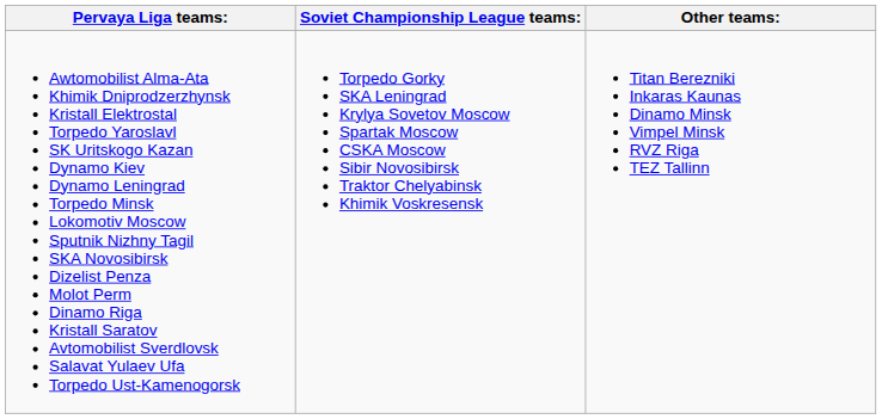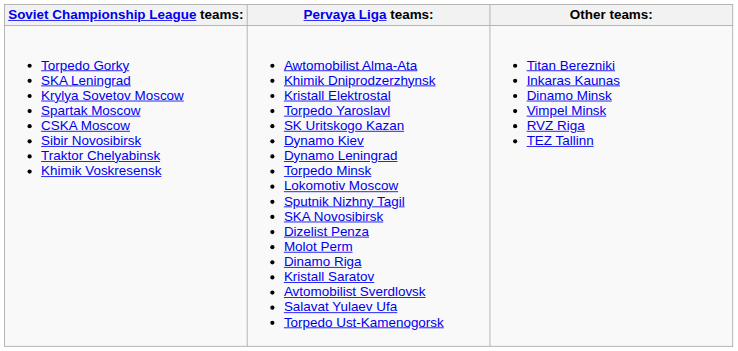 <table class="wikitable">
 <tr valign="top" bgcolor="#e0e0e0">
+<th align="center" width="33%"><a href='#'>Soviet Championship League</a> teams:</th>
 <th align="center" width="33%"><a href='#'>Pervaya Liga</a> teams:</th>
-<th align="center" width="33%"><a href='#'>Soviet Championship League</a> teams:</th>
 <th align="center" width="33%">Other teams:</th>
 </tr>
 <tr valign="top">
+<td><br><ul><li><a href='#'>Torpedo Gorky</a></li><li><a href='#'>SKA Leningrad</a></li><li><a href='#'>Krylya Sovetov Moscow</a></li><li><a href='#'>Spartak Moscow</a></li><li><a href='#'>CSKA Moscow</a></li><li><a href='#'>Sibir Novosibirsk</a></li><li><a href='#'>Traktor Chelyabinsk</a></li><li><a href='#'>Khimik Voskresensk</a></li></ul></td>
 <td><br><ul><li><a href='#'>Awtomobilist Alma-Ata</a></li><li><a href='#'>Khimik Dniprodzerzhynsk</a></li><li><a href='#'>Kristall Elektrostal</a></li><li><a href='#'>Torpedo Yaroslavl</a></li><li><a href='#'>SK Uritskogo Kazan</a></li><li><a href='#'>Dynamo Kiev</a></li><li><a href='#'>Dynamo Leningrad</a></li><li><a href='#'>Torpedo Minsk</a></li><li><a href='#'>Lokomotiv Moscow</a></li><li><a href='#'>Sputnik Nizhny Tagil</a></li><li><a href='#'>SKA Novosibirsk</a></li><li><a href='#'>Dizelist Penza</a></li><li><a href='#'>Molot Perm</a></li><li><a href='#'>Dinamo Riga</a></li><li><a href='#'>Kristall Saratov</a></li><li><a href='#'>Avtomobilist Sverdlovsk</a></li><li><a href='#'>Salavat Yulaev Ufa</a></li><li><a href='#'>Torpedo Ust-Kamenogorsk</a></li></ul></td>
-<td><br><ul><li><a href='#'>Torpedo Gorky</a></li><li><a href='#'>SKA Leningrad</a></li><li><a href='#'>Krylya Sovetov Moscow</a></li><li><a href='#'>Spartak Moscow</a></li><li><a href='#'>CSKA Moscow</a></li><li><a href='#'>Sibir Novosibirsk</a></li><li><a href='#'>Traktor Chelyabinsk</a></li><li><a href='#'>Khimik Voskresensk</a></li></ul></td>
 <td><br><ul><li><a href='#'>Titan Berezniki</a></li><li><a href='#'>Inkaras Kaunas</a></li><li><a href='#'>Dinamo Minsk</a></li><li><a href='#'>Vimpel Minsk</a></li><li><a href='#'>RVZ Riga</a></li><li><a href='#'>TEZ Tallinn</a></li></ul></td>
 </tr>
 </table>
